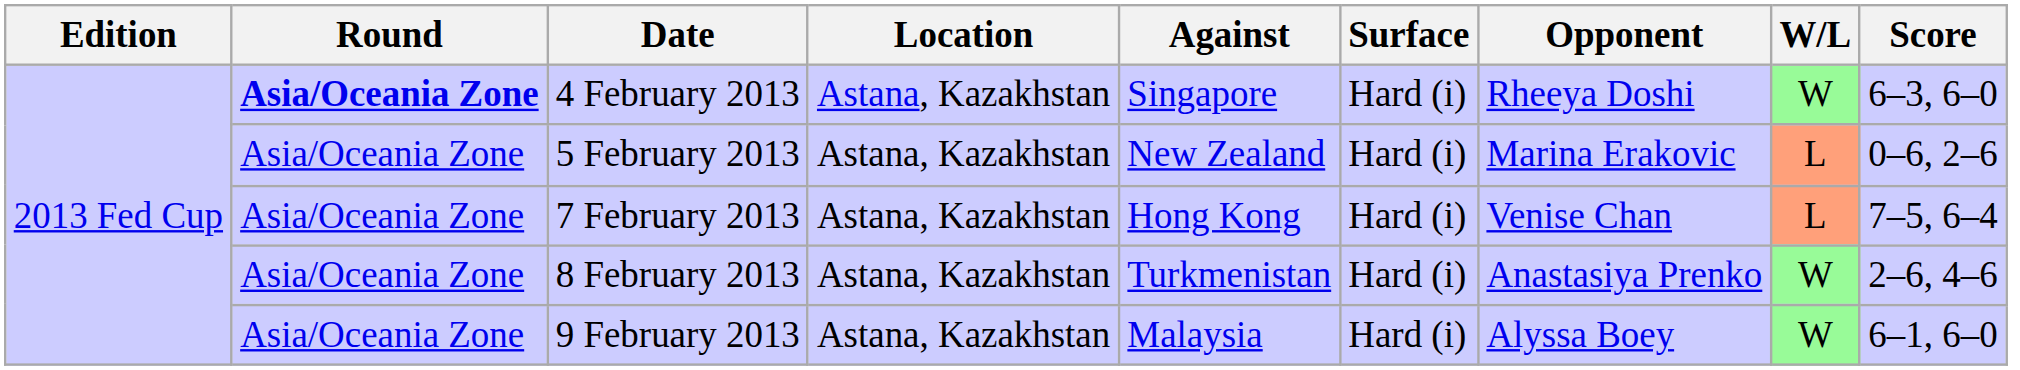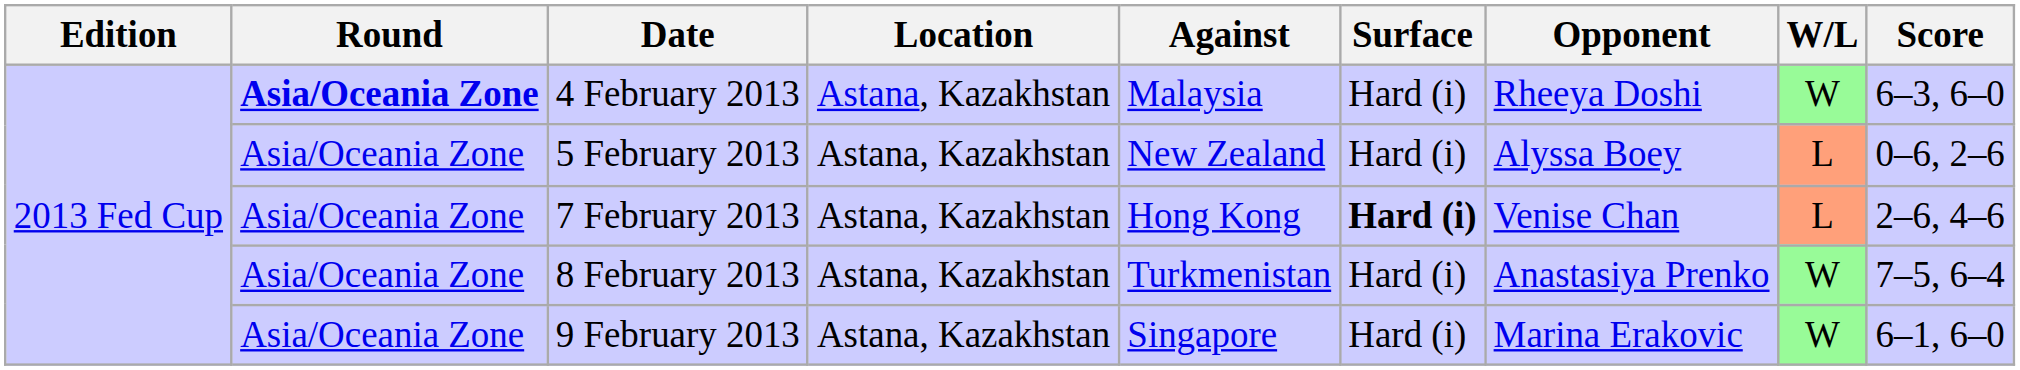 <table class=wikitable style=font-size:97%>
 <tr>
 <th>Edition</th>
 <th>Round</th>
 <th>Date</th>
 <th>Location</th>
 <th>Against</th>
 <th>Surface</th>
 <th>Opponent</th>
 <th>W/L</th>
 <th>Score</th>
 </tr>
 <tr style="background:#ccccff;">
 <td rowspan="5"><a href='#'>2013 Fed Cup</a></td>
 <td><strong><a href='#'>Asia/Oceania Zone</a></strong></td>
 <td>4 February 2013</td>
 <td><a href='#'>Astana</a>, Kazakhstan</td>
-<td> <a href='#'>Singapore</a></td>
+<td> <a href='#'>Malaysia</a></td>
 <td>Hard (i)</td>
 <td> <a href='#'>Rheeya Doshi</a></td>
 <td style="text-align:center; background:#98fb98;">W</td>
 <td>6–3, 6–0</td>
 </tr>
 <tr style="background:#ccccff;">
 <td><a href='#'>Asia/Oceania Zone</a></td>
 <td>5 February 2013</td>
 <td>Astana, Kazakhstan</td>
 <td> <a href='#'>New Zealand</a></td>
 <td>Hard (i)</td>
-<td> <a href='#'>Marina Erakovic</a></td>
+<td> <a href='#'>Alyssa Boey</a></td>
 <td style="text-align:center; background:#ffa07a;">L</td>
 <td>0–6, 2–6</td>
 </tr>
 <tr style="background:#ccccff;">
 <td><a href='#'>Asia/Oceania Zone</a></td>
 <td>7 February 2013</td>
 <td>Astana, Kazakhstan</td>
 <td> <a href='#'>Hong Kong</a></td>
-<td>Hard (i)</td>
+<td><strong>Hard (i)</strong></td>
 <td> <a href='#'>Venise Chan</a></td>
 <td style="text-align:center; background:#ffa07a;">L</td>
-<td>7–5, 6–4</td>
+<td>2–6, 4–6</td>
 </tr>
 <tr style="background:#ccccff;">
 <td><a href='#'>Asia/Oceania Zone</a></td>
 <td>8 February 2013</td>
 <td>Astana, Kazakhstan</td>
 <td> <a href='#'>Turkmenistan</a></td>
 <td>Hard (i)</td>
 <td> <a href='#'>Anastasiya Prenko</a></td>
 <td style="text-align:center; background:#98fb98;">W</td>
-<td>2–6, 4–6</td>
+<td>7–5, 6–4</td>
 </tr>
 <tr style="background:#ccccff;">
 <td><a href='#'>Asia/Oceania Zone</a></td>
 <td>9 February 2013</td>
 <td>Astana, Kazakhstan</td>
-<td> <a href='#'>Malaysia</a></td>
+<td> <a href='#'>Singapore</a></td>
 <td>Hard (i)</td>
-<td> <a href='#'>Alyssa Boey</a></td>
+<td> <a href='#'>Marina Erakovic</a></td>
 <td style="text-align:center; background:#98fb98;">W</td>
 <td>6–1, 6–0</td>
 </tr>
 </table>
